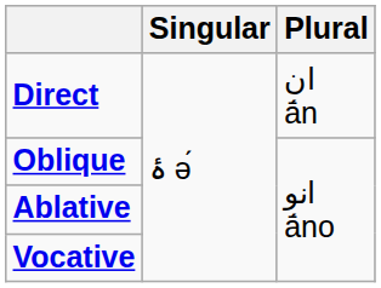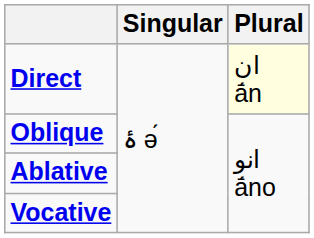 <table class="wikitable">
 <tr>
 <th></th>
 <th>Singular</th>
 <th>Plural</th>
 </tr>
 <tr>
 <td><strong><a href='#'>Direct</a></strong></td>
 <td rowspan="4">ۀ ә́</td>
-<td>ان<br>ā́n</td>
+<td style="background: lightyellow;">ان<br>ā́n</td>
 </tr>
 <tr>
 <td><strong><a href='#'>Oblique</a></strong></td>
 <td rowspan="3">انو<br>ā́no</td>
 </tr>
 <tr>
 <td><strong><a href='#'>Ablative</a></strong></td>
 </tr>
 <tr>
 <td><strong><a href='#'>Vocative</a></strong></td>
 </tr>
 </table>
